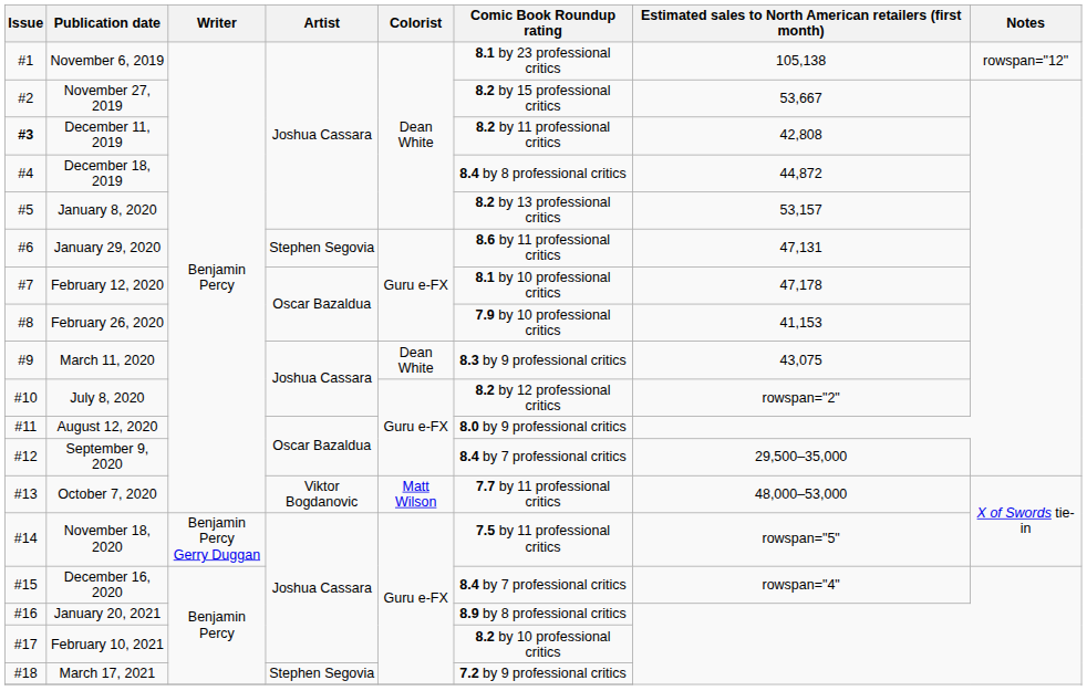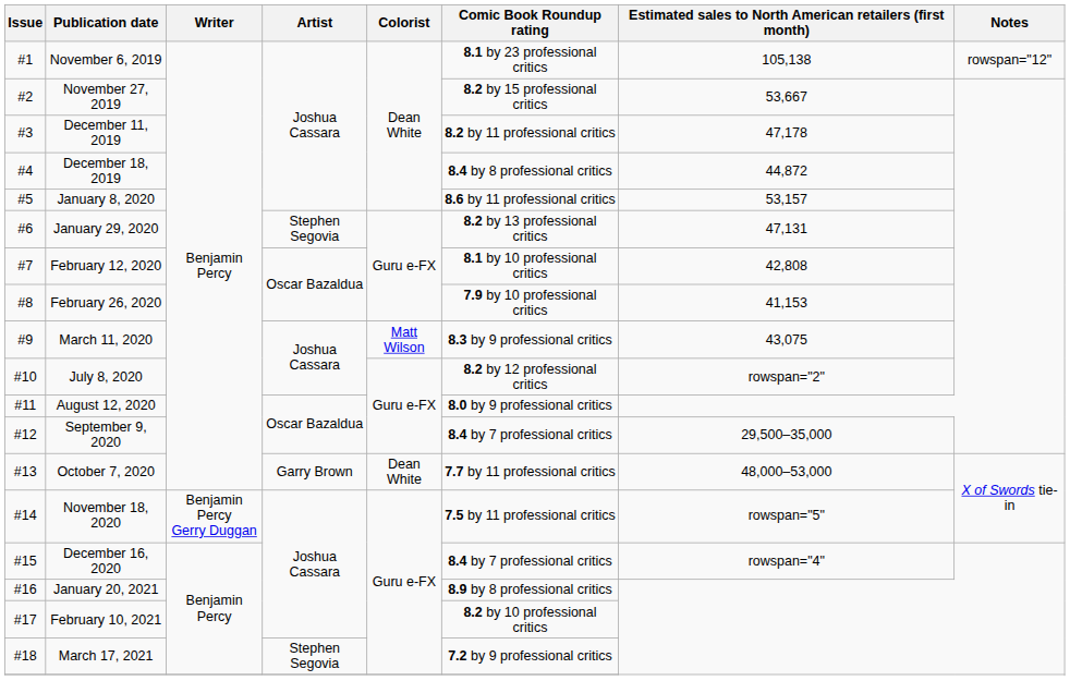 <table class="wikitable plainrowheaders" style="text-align:center;">
 <tr>
 <th scope="col">Issue</th>
 <th scope="col">Publication date</th>
 <th scope="col">Writer</th>
 <th scope="col">Artist</th>
 <th scope="col">Colorist</th>
 <th scope="col">Comic Book Roundup rating</th>
 <th scope="col">Estimated sales to North American retailers (first month)</th>
 <th scope="col">Notes</th>
 </tr>
 <tr>
 <td>#1</td>
 <td>November 6, 2019</td>
 <td rowspan="13">Benjamin Percy</td>
 <td rowspan="5">Joshua Cassara</td>
 <td rowspan="5">Dean White</td>
 <td><strong>8.1</strong> by 23 professional critics</td>
 <td>105,138</td>
 <td>rowspan="12" </td>
 </tr>
 <tr>
 <td>#2</td>
 <td>November 27, 2019</td>
 <td><strong>8.2</strong> by 15 professional critics</td>
 <td>53,667</td>
 </tr>
 <tr>
-<td><strong>#3</strong></td>
+<td>#3</td>
 <td>December 11, 2019</td>
 <td><strong>8.2</strong> by 11 professional critics</td>
-<td>42,808</td>
+<td>47,178</td>
 </tr>
 <tr>
 <td>#4</td>
 <td>December 18, 2019</td>
 <td><strong>8.4</strong> by 8 professional critics</td>
 <td>44,872</td>
 </tr>
 <tr>
 <td>#5</td>
 <td>January 8, 2020</td>
-<td><strong>8.2</strong> by 13 professional critics</td>
+<td><strong>8.6</strong> by 11 professional critics</td>
 <td>53,157</td>
 </tr>
 <tr>
 <td>#6</td>
 <td>January 29, 2020</td>
 <td>Stephen Segovia</td>
 <td rowspan="3">Guru e-FX</td>
-<td><strong>8.6</strong> by 11 professional critics</td>
+<td><strong>8.2</strong> by 13 professional critics</td>
 <td>47,131</td>
 </tr>
 <tr>
 <td>#7</td>
 <td>February 12, 2020</td>
 <td rowspan="2">Oscar Bazaldua</td>
 <td><strong>8.1</strong> by 10 professional critics</td>
-<td>47,178</td>
+<td>42,808</td>
 </tr>
 <tr>
 <td>#8</td>
 <td>February 26, 2020</td>
 <td><strong>7.9</strong> by 10 professional critics</td>
 <td>41,153</td>
 </tr>
 <tr>
 <td>#9</td>
 <td>March 11, 2020</td>
 <td rowspan="2">Joshua Cassara</td>
-<td>Dean White</td>
+<td><a href='#'>Matt Wilson</a></td>
 <td><strong>8.3</strong> by 9 professional critics</td>
 <td>43,075</td>
 </tr>
 <tr>
 <td>#10</td>
 <td>July 8, 2020</td>
 <td rowspan="3">Guru e-FX</td>
 <td><strong>8.2</strong> by 12 professional critics</td>
 <td>rowspan="2" </td>
 </tr>
 <tr>
 <td>#11</td>
 <td>August 12, 2020</td>
 <td rowspan="2">Oscar Bazaldua</td>
 <td><strong>8.0</strong> by 9 professional critics</td>
 </tr>
 <tr>
 <td>#12</td>
 <td>September 9, 2020</td>
 <td><strong>8.4</strong> by 7 professional critics</td>
 <td>29,500–35,000</td>
 </tr>
 <tr>
 <td>#13</td>
 <td>October 7, 2020</td>
-<td>Viktor Bogdanovic</td>
-<td><a href='#'>Matt Wilson</a></td>
+<td>Garry Brown</td>
+<td>Dean White</td>
 <td><strong>7.7</strong> by 11 professional critics</td>
 <td>48,000–53,000</td>
 <td rowspan="2"><em><a href='#'>X of Swords</a></em> tie-in</td>
 </tr>
 <tr>
 <td>#14</td>
 <td>November 18, 2020</td>
 <td>Benjamin Percy<br><a href='#'>Gerry Duggan</a></td>
 <td rowspan="4">Joshua Cassara</td>
 <td rowspan="5">Guru e-FX</td>
 <td><strong>7.5</strong> by 11 professional critics</td>
 <td>rowspan="5" </td>
 </tr>
 <tr>
 <td>#15</td>
 <td>December 16, 2020</td>
 <td rowspan="4">Benjamin Percy</td>
 <td><strong>8.4</strong> by 7 professional critics</td>
 <td>rowspan="4" </td>
 </tr>
 <tr>
 <td>#16</td>
 <td>January 20, 2021</td>
 <td><strong>8.9</strong> by 8 professional critics</td>
 </tr>
 <tr>
 <td>#17</td>
 <td>February 10, 2021</td>
 <td><strong>8.2</strong> by 10 professional critics</td>
 </tr>
 <tr>
 <td>#18</td>
 <td>March 17, 2021</td>
 <td>Stephen Segovia</td>
 <td><strong>7.2</strong> by 9 professional critics</td>
 </tr>
 <tr>
 </tr>
 </table>
